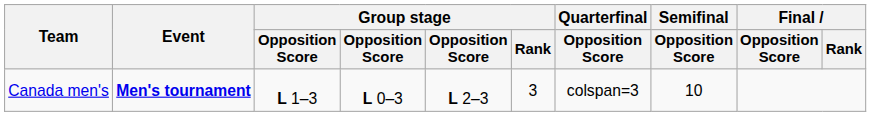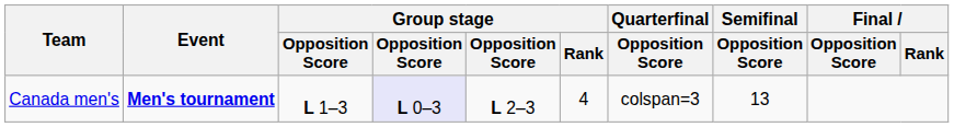 <table class=wikitable style="font-size:90%">
 <tr>
 <th rowspan=2>Team</th>
 <th rowspan=2>Event</th>
 <th colspan=4>Group stage</th>
 <th>Quarterfinal</th>
 <th>Semifinal</th>
 <th colspan=2>Final / </th>
 </tr>
 <tr style="font-size:95%">
 <th>Opposition<br>Score</th>
 <th>Opposition<br>Score</th>
 <th>Opposition<br>Score</th>
 <th>Rank</th>
 <th>Opposition<br>Score</th>
 <th>Opposition<br>Score</th>
 <th>Opposition<br>Score</th>
 <th>Rank</th>
 </tr>
 <tr align=center>
 <td align=left><a href='#'>Canada men's</a></td>
 <td align=left><strong><a href='#'>Men's tournament</a></strong></td>
 <td><br><strong>L</strong> 1–3</td>
-<td><br><strong>L</strong> 0–3</td>
+<td style="background: lavender;"><br><strong>L</strong> 0–3</td>
 <td><br><strong>L</strong> 2–3</td>
-<td>3</td>
+<td>4</td>
 <td>colspan=3 </td>
-<td>10</td>
+<td>13</td>
 </tr>
 </table>
